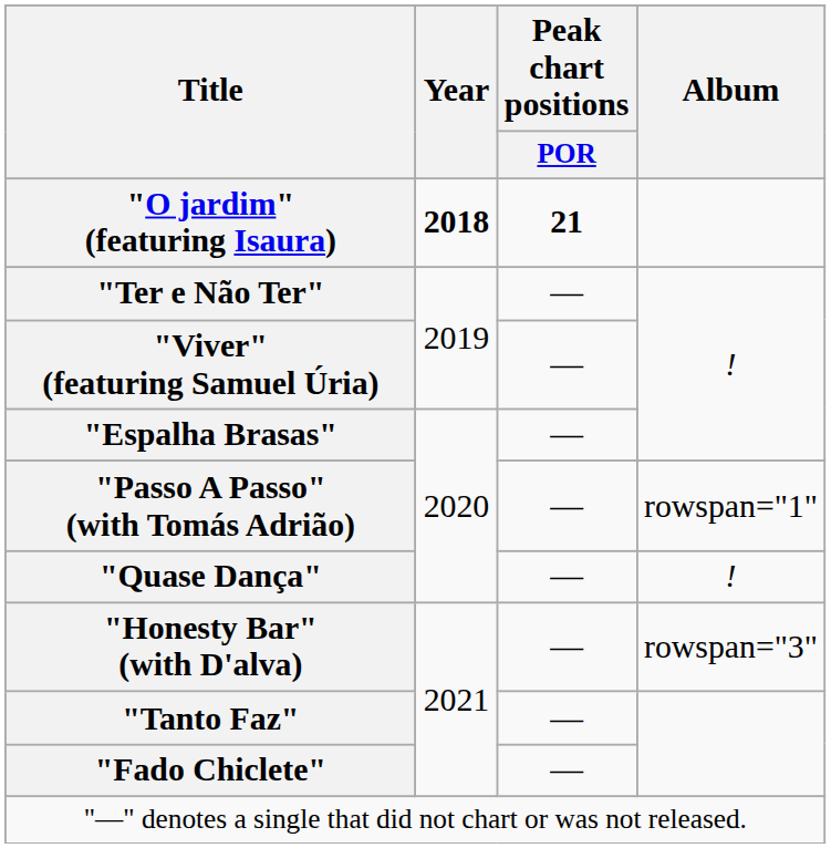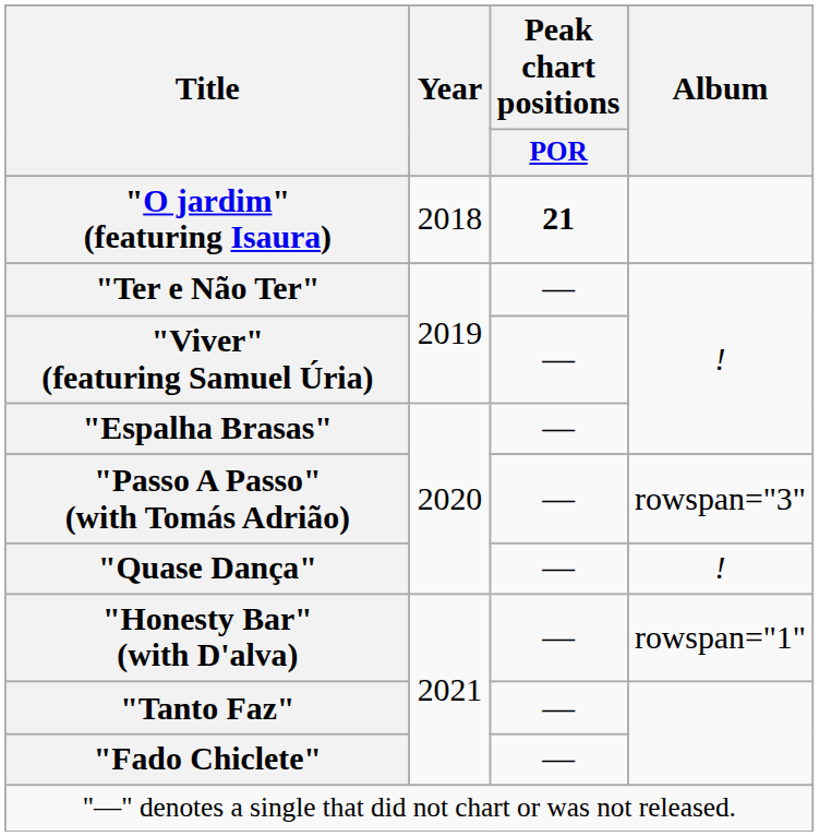 <table class="wikitable plainrowheaders" style="text-align:center;">
 <tr>
 <th scope="col" rowspan="2" style="width:12em;">Title</th>
 <th scope="col" rowspan="2" style="width:1em;">Year</th>
 <th scope="col" colspan="1">Peak chart positions</th>
 <th scope="col" rowspan="2">Album</th>
 </tr>
 <tr>
 <th scope="col" style="width:3em;font-size:85%;"><a href='#'>POR</a></th>
 </tr>
 <tr>
 <th scope="row">"<a href='#'>O jardim</a>"<br><span>(featuring <a href='#'>Isaura</a>)</span></th>
-<td><strong>2018</strong></td>
+<td>2018</td>
 <td><strong>21</strong></td>
 <td></td>
 </tr>
 <tr>
 <th scope="row">"Ter e Não Ter"</th>
 <td rowspan="2">2019</td>
 <td>—</td>
 <td rowspan="3"><em>!</em></td>
 </tr>
 <tr>
 <th scope="row">"Viver"<br><span>(featuring Samuel Úria)</span></th>
 <td>—</td>
 </tr>
 <tr>
 <th scope="row">"Espalha Brasas"</th>
 <td rowspan="3">2020</td>
 <td>—</td>
 </tr>
 <tr>
 <th scope="row">"Passo A Passo"<br><span>(with Tomás Adrião)</span></th>
 <td>—</td>
-<td>rowspan="1" </td>
+<td>rowspan="3" </td>
 </tr>
 <tr>
 <th scope="row">"Quase Dança"</th>
 <td>—</td>
 <td><em>!</em></td>
 </tr>
 <tr>
 <th scope="row">"Honesty Bar"<br><span>(with D'alva)</span></th>
 <td rowspan="3">2021</td>
 <td>—</td>
-<td>rowspan="3" </td>
+<td>rowspan="1" </td>
 </tr>
 <tr>
 <th scope="row">"Tanto Faz"</th>
 <td>—</td>
 </tr>
 <tr>
 <th scope="row">"Fado Chiclete"</th>
 <td>—</td>
 </tr>
 <tr>
 <td style="text-align:center; font-size:85%;" colspan="10">"—" denotes a single that did not chart or was not released.</td>
 </tr>
 </table>
